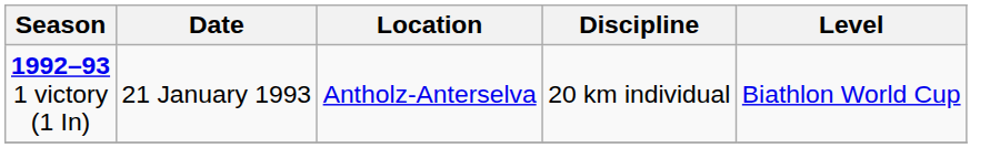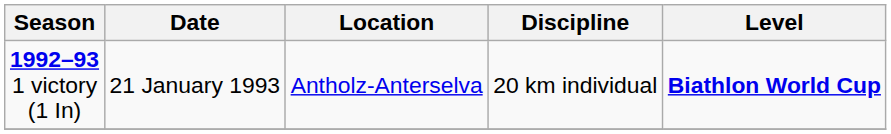 <table class="wikitable">
 <tr>
 <th>Season</th>
 <th>Date</th>
 <th>Location</th>
 <th>Discipline</th>
 <th>Level</th>
 </tr>
 <tr>
 <td rowspan="1" style="text-align:center;"><strong><a href='#'>1992–93</a></strong> <br> 1 victory <br> (1 In)</td>
 <td>21 January 1993</td>
 <td> <a href='#'>Antholz-Anterselva</a></td>
 <td>20 km individual</td>
-<td><a href='#'>Biathlon World Cup</a></td>
+<td><strong><a href='#'>Biathlon World Cup</a></strong></td>
 </tr>
 <tr>
 </tr>
 </table>
